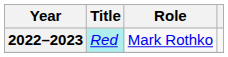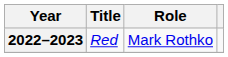 <table class="wikitable sortable plainrowheaders">
 <tr>
 <th scope="col">Year</th>
 <th scope="col">Title</th>
 <th scope="col">Role</th>
 <th scope="col" class="unsortable"></th>
 </tr>
 <tr>
 <th scope="row">2022–2023</th>
-<td style="background: paleturquoise;"><em><a href='#'>Red</a></em></td>
+<td><em><a href='#'>Red</a></em></td>
 <td><a href='#'>Mark Rothko</a></td>
 <td></td>
 </tr>
 <tr>
 </tr>
 </table>
